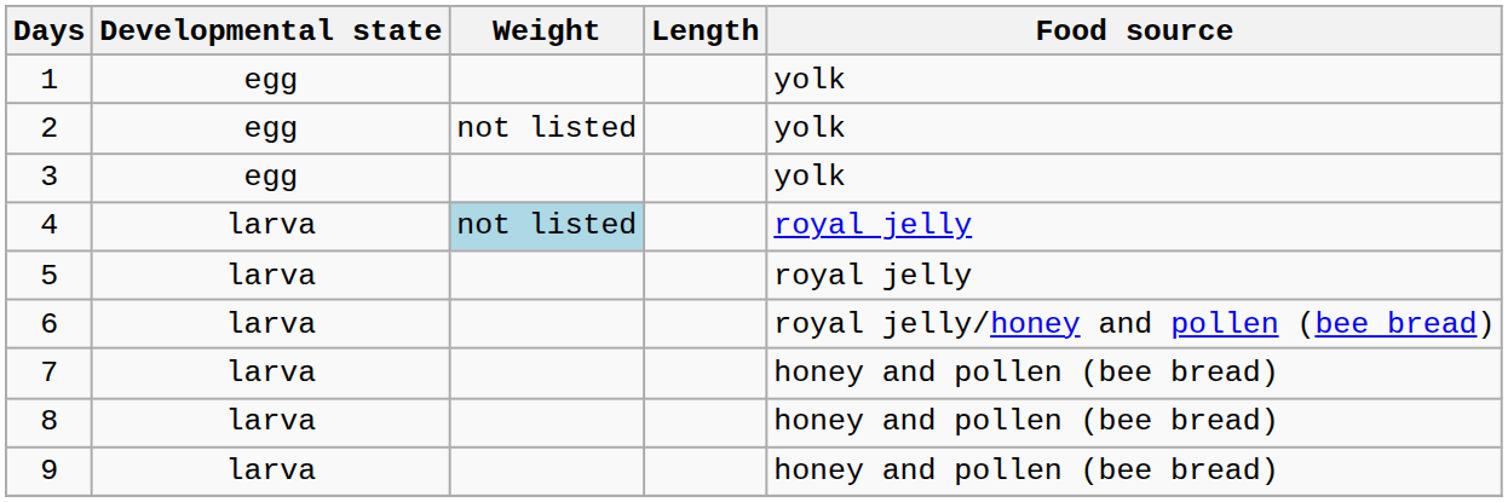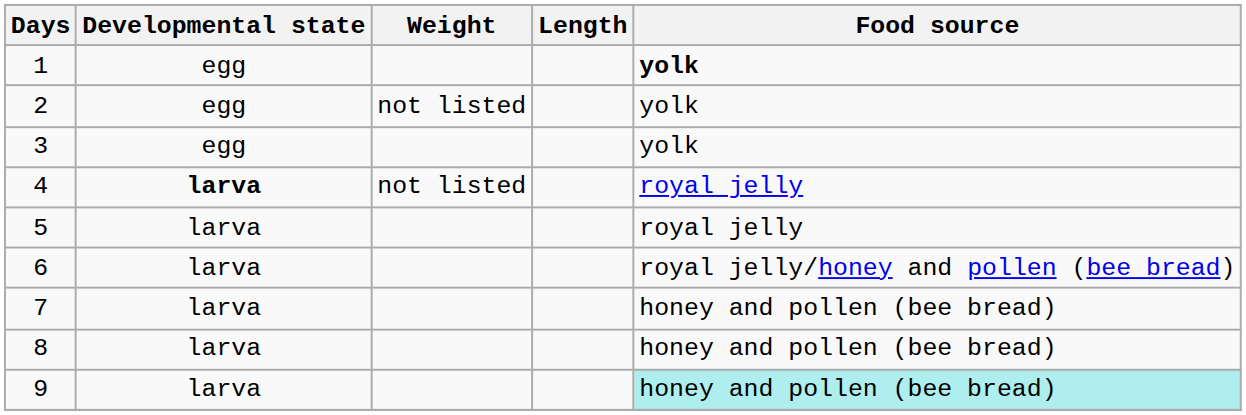 <table class="wikitable">
 <tr>
 <th align=center>Days</th>
 <th align=center>Developmental state</th>
 <th>Weight</th>
 <th>Length</th>
 <th>Food source</th>
 </tr>
 <tr>
 <td align=center>1</td>
 <td align=center>egg</td>
 <td align=right></td>
 <td></td>
-<td>yolk</td>
+<td><strong>yolk</strong></td>
 </tr>
 <tr>
 <td align=center>2</td>
 <td align=center>egg</td>
 <td align=right>not listed</td>
 <td></td>
 <td>yolk</td>
 </tr>
 <tr>
 <td align=center>3</td>
 <td align=center>egg</td>
 <td align=right></td>
 <td></td>
 <td>yolk</td>
 </tr>
 <tr>
 <td align=center>4</td>
-<td align=center>larva</td>
-<td align=right style="background: lightblue;">not listed</td>
+<td align=center><strong>larva</strong></td>
+<td align=right>not listed</td>
 <td></td>
 <td><a href='#'>royal jelly</a></td>
 </tr>
 <tr>
 <td align=center>5</td>
 <td align=center>larva</td>
 <td align=right></td>
 <td></td>
 <td>royal jelly</td>
 </tr>
 <tr>
 <td align=center>6</td>
 <td align=center>larva</td>
 <td align=right></td>
 <td></td>
 <td>royal jelly/<a href='#'>honey</a> and <a href='#'>pollen</a> (<a href='#'>bee bread</a>)</td>
 </tr>
 <tr>
 <td align=center>7</td>
 <td align=center>larva</td>
 <td align=right></td>
 <td></td>
 <td>honey and pollen (bee bread)</td>
 </tr>
 <tr>
 <td align=center>8</td>
 <td align=center>larva</td>
 <td align=right></td>
 <td></td>
 <td>honey and pollen (bee bread)</td>
 </tr>
 <tr>
 <td align=center>9</td>
 <td align=center>larva</td>
 <td align=right></td>
 <td></td>
-<td>honey and pollen (bee bread)</td>
+<td style="background: paleturquoise;">honey and pollen (bee bread)</td>
 </tr>
 <tr>
 </tr>
 </table>
